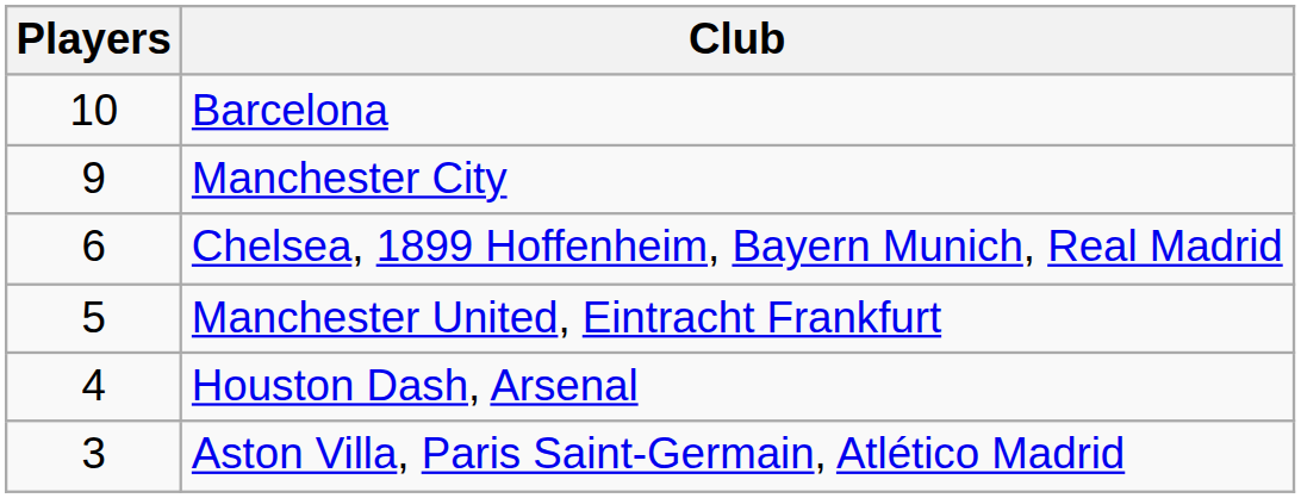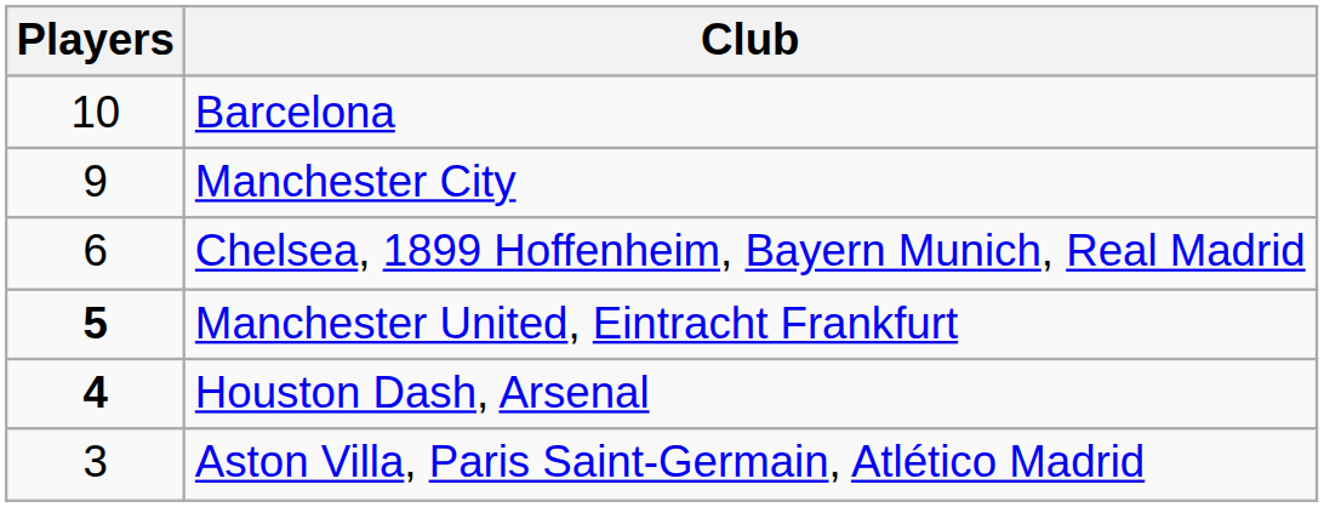 <table class="wikitable">
 <tr>
 <th>Players</th>
 <th>Club</th>
 </tr>
 <tr>
 <td align="center">10</td>
 <td> <a href='#'>Barcelona</a></td>
 </tr>
 <tr>
 <td align="center">9</td>
 <td> <a href='#'>Manchester City</a></td>
 </tr>
 <tr>
 <td align="center">6</td>
 <td> <a href='#'>Chelsea</a>,  <a href='#'>1899 Hoffenheim</a>,  <a href='#'>Bayern Munich</a>,  <a href='#'>Real Madrid</a></td>
 </tr>
 <tr>
-<td align="center">5</td>
+<td align="center"><strong>5</strong></td>
 <td> <a href='#'>Manchester United</a>,  <a href='#'>Eintracht Frankfurt</a></td>
 </tr>
 <tr>
-<td align="center">4</td>
+<td align="center"><strong>4</strong></td>
 <td> <a href='#'>Houston Dash</a>,  <a href='#'>Arsenal</a></td>
 </tr>
 <tr>
 <td align="center">3</td>
 <td> <a href='#'>Aston Villa</a>,  <a href='#'>Paris Saint-Germain</a>,  <a href='#'>Atlético Madrid</a></td>
 </tr>
 </table>
